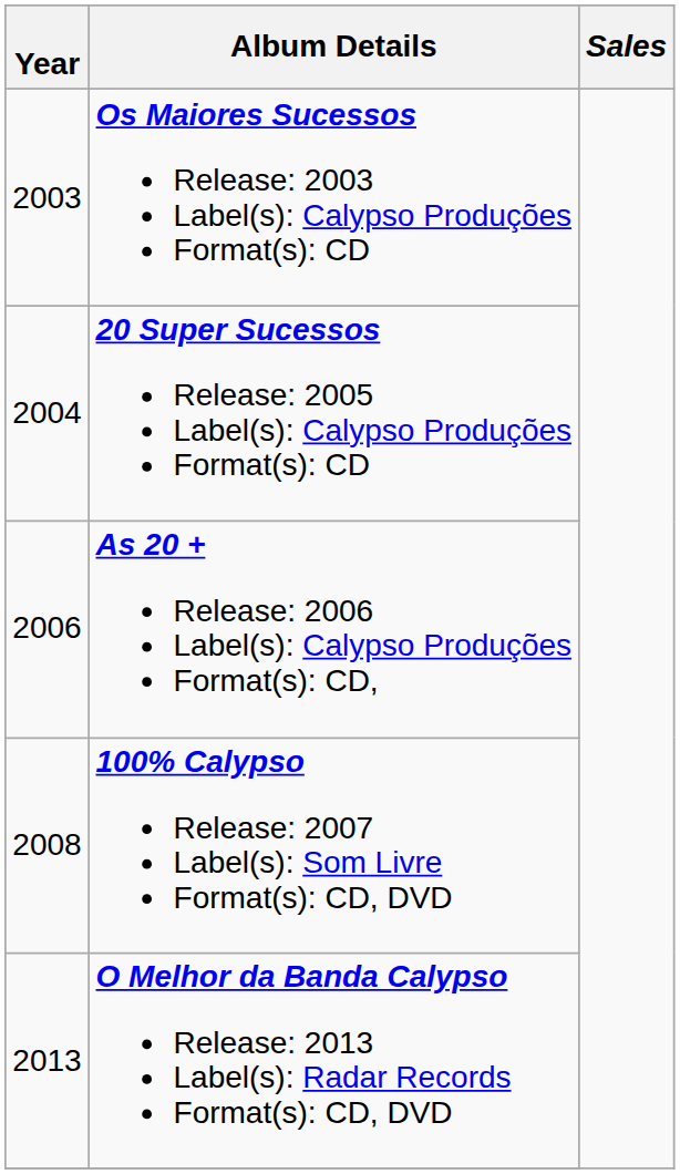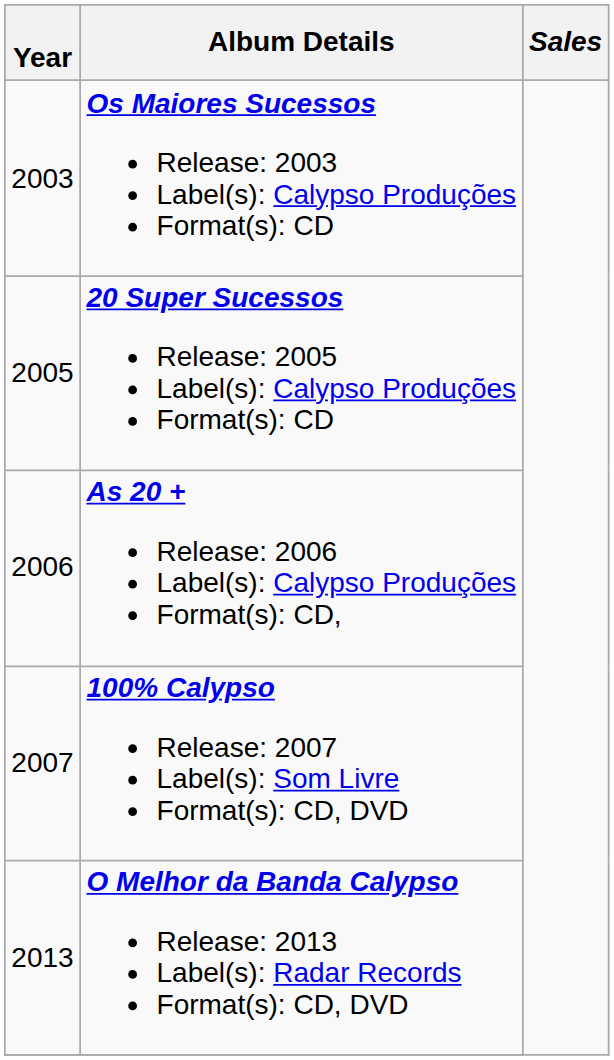 <table class="wikitable">
 <tr>
 <th><br>Year</th>
 <th>Album Details</th>
 <th style="font-style:italic;">Sales</th>
 </tr>
 <tr>
 <td>2003</td>
 <td><strong><em><a href='#'>Os Maiores Sucessos</a></em></strong><br><ul><li>Release: 2003</li><li>Label(s): <a href='#'>Calypso Produções</a></li><li>Format(s): CD</li></ul></td>
 </tr>
 <tr>
-<td>2004</td>
+<td>2005</td>
 <td><strong><em><a href='#'>20 Super Sucessos</a></em></strong><br><ul><li>Release: 2005</li><li>Label(s): <a href='#'>Calypso Produções</a></li><li>Format(s): CD</li></ul></td>
 </tr>
 <tr>
 <td>2006</td>
 <td><strong><em><a href='#'>As 20 +</a></em></strong><br><ul><li>Release: 2006</li><li>Label(s): <a href='#'>Calypso Produções</a></li><li>Format(s): CD,</li></ul></td>
 </tr>
 <tr>
-<td>2008</td>
+<td>2007</td>
 <td><strong><em><a href='#'>100% Calypso</a></em></strong><br><ul><li>Release: 2007</li><li>Label(s): <a href='#'>Som Livre</a></li><li>Format(s): CD, DVD</li></ul></td>
 </tr>
 <tr>
 <td>2013</td>
 <td><strong><em><a href='#'>O Melhor da Banda Calypso</a></em></strong><br><ul><li>Release: 2013</li><li>Label(s): <a href='#'>Radar Records</a></li><li>Format(s): CD, DVD</li></ul></td>
 </tr>
 <tr>
 </tr>
 </table>
